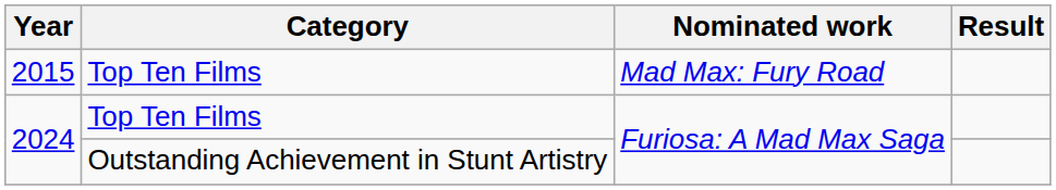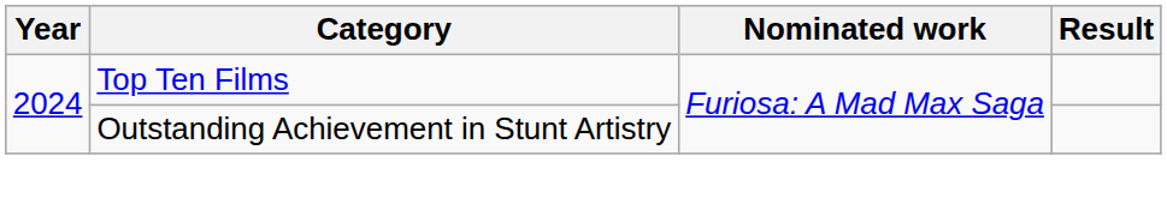 <table class="wikitable">
 <tr>
 <th>Year</th>
 <th>Category</th>
 <th>Nominated work</th>
 <th>Result</th>
-</tr>
-<tr>
-<td><a href='#'>2015</a></td>
-<td><a href='#'>Top Ten Films</a></td>
-<td><em><a href='#'>Mad Max: Fury Road</a></em></td>
-<td></td>
 </tr>
 <tr>
 <td rowspan="2"><a href='#'>2024</a></td>
 <td><a href='#'>Top Ten Films</a></td>
 <td rowspan="2"><em><a href='#'>Furiosa: A Mad Max Saga</a></em></td>
 <td></td>
 </tr>
 <tr>
 <td>Outstanding Achievement in Stunt Artistry</td>
 <td></td>
 </tr>
 </table>
